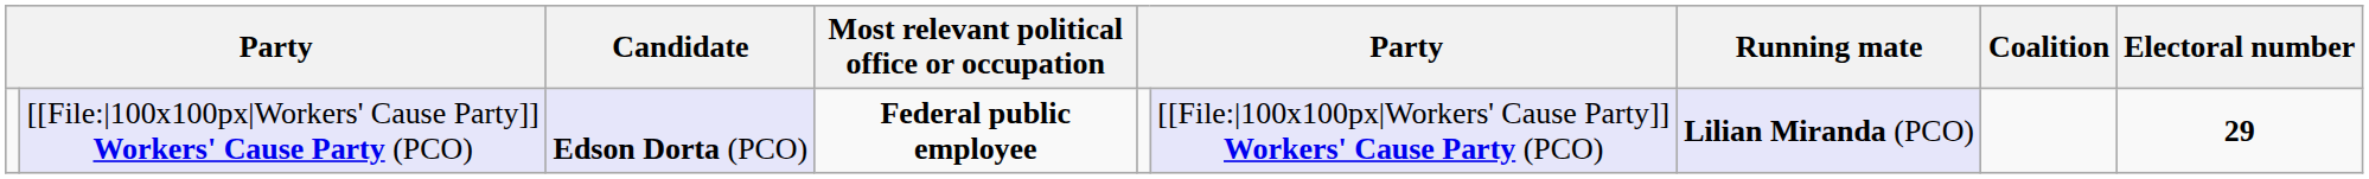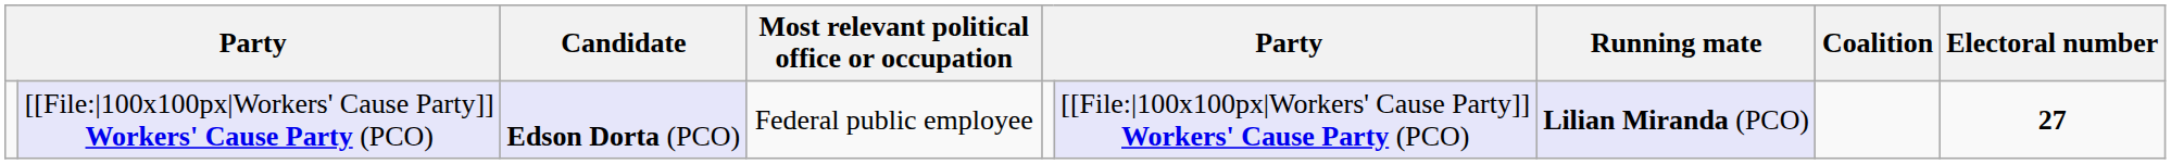 <table class="wikitable" style="text-align:center">
 <tr>
 <th colspan="2">Party</th>
 <th>Candidate</th>
 <th style="max-width:10em">Most relevant political office or occupation</th>
 <th colspan="2">Party</th>
 <th>Running mate</th>
 <th>Coalition</th>
 <th>Electoral number</th>
 </tr>
 <tr>
 <td style="background:"></td>
 <td style="background:lavender;" max-width:150px>[[File:|100x100px|Workers' Cause Party]]<br><strong><a href='#'>Workers' Cause Party</a></strong> (PCO)</td>
 <td style="background:lavender;" max-width:150px><br><strong>Edson Dorta</strong> (PCO)</td>
-<td style="max-width:10em"><strong>Federal public employee</strong></td>
+<td style="max-width:10em">Federal public employee</td>
 <td style="background:"></td>
 <td style="background:lavender;" max-width:150px>[[File:|100x100px|Workers' Cause Party]]<br><strong><a href='#'>Workers' Cause Party</a></strong> (PCO)</td>
 <td style="background:lavender;" max-width:150px><strong>Lilian Miranda</strong> (PCO)</td>
 <td></td>
-<td><strong>29</strong></td>
+<td><strong>27</strong></td>
 </tr>
 </table>
